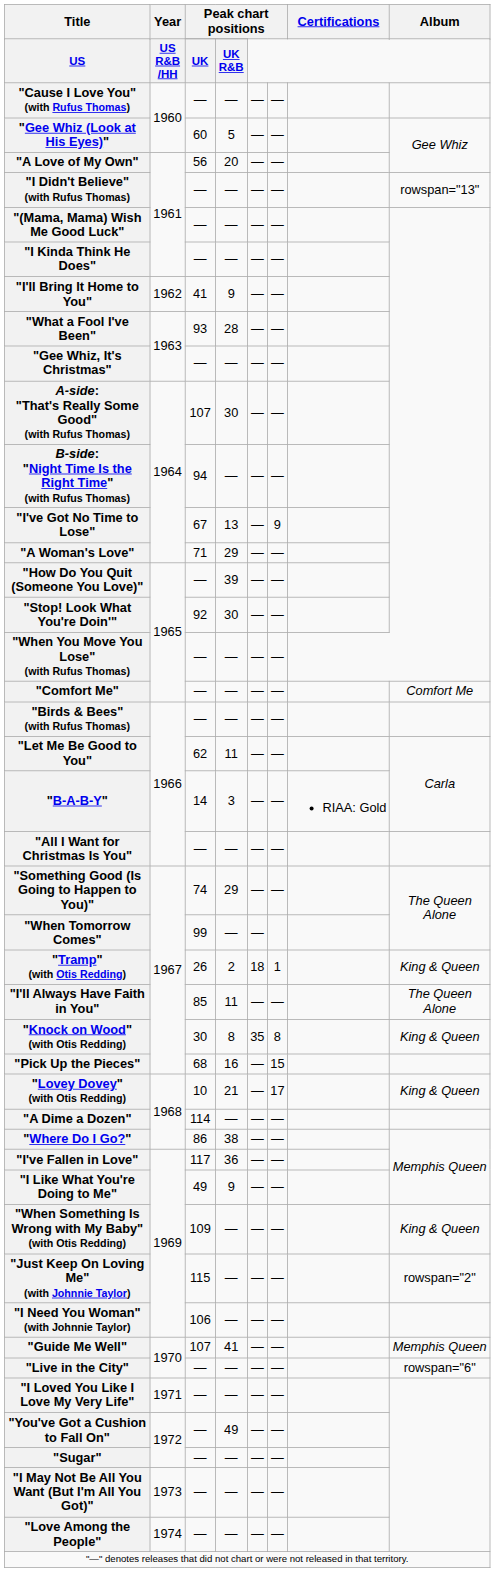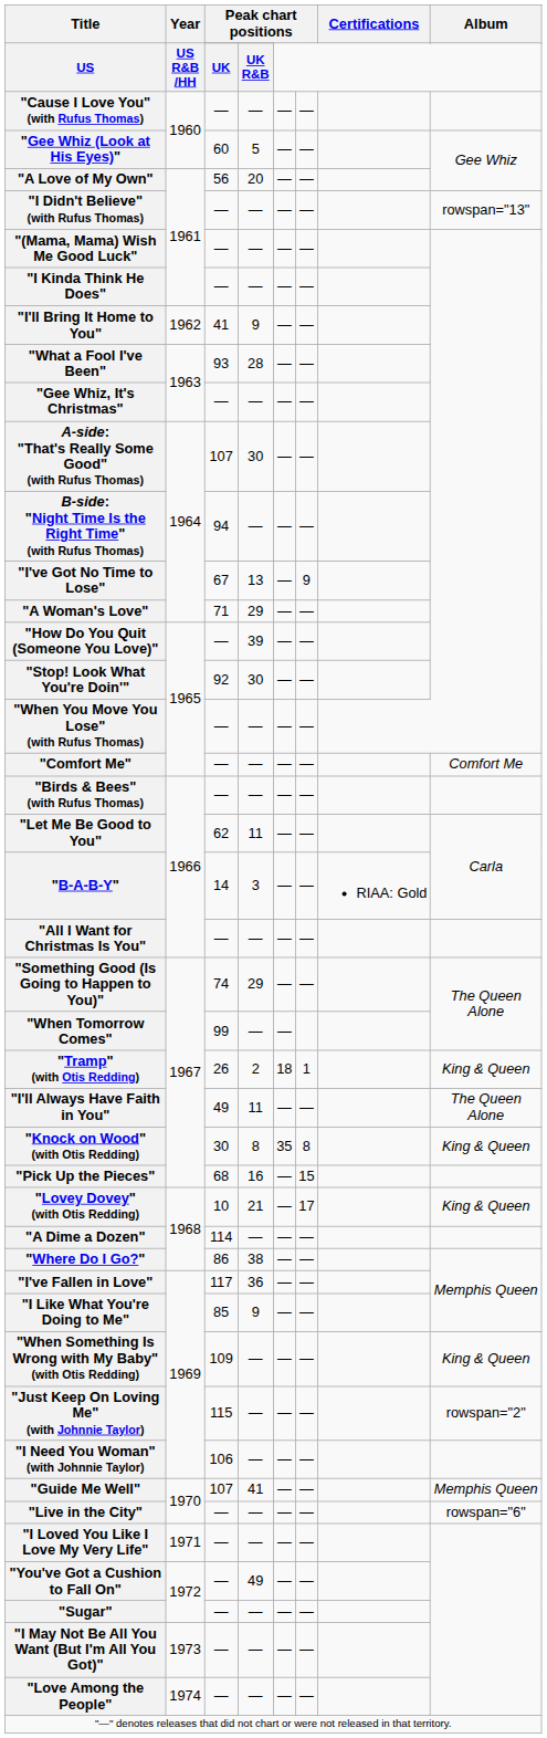 <table class="wikitable plainrowheaders" style="text-align:center;" border="1">
 <tr>
 <th scope="col" rowspan="2" style="width:18em;">Title</th>
 <th scope="col" rowspan="2">Year</th>
 <th scope="col" colspan="4">Peak chart positions</th>
 <th rowspan="2" scope="col" style="width:9em;"><a href='#'>Certifications</a></th>
 <th scope="col" rowspan="2" style="width:9em;">Album</th>
 </tr>
 <tr>
 </tr>
 <tr>
 <th scope="col" style="width:2.6em; font-size:90%;"><a href='#'>US</a><br></th>
 <th scope="col" style="width:2.6em; font-size:90%;"><a href='#'>US<br>R&B<br>/HH</a><br></th>
 <th scope="col" style="width:2.5em; font-size:90%;"><a href='#'>UK</a><br></th>
 <th scope="col" style="width:2.5em; font-size:90%;"><a href='#'>UK R&B</a><br></th>
 </tr>
 <tr>
 <th scope="row">"Cause I Love You"<br><small>(with <a href='#'>Rufus Thomas</a>)</small></th>
 <td rowspan="2">1960</td>
 <td>—</td>
 <td>—</td>
 <td>—</td>
 <td>—</td>
 <td></td>
 <td></td>
 </tr>
 <tr>
 <th scope="row">"<a href='#'>Gee Whiz (Look at His Eyes)</a>"</th>
 <td>60</td>
 <td>5</td>
 <td>—</td>
 <td>—</td>
 <td></td>
 <td rowspan="2"><em>Gee Whiz</em></td>
 </tr>
 <tr>
 <th scope="row">"A Love of My Own"</th>
 <td rowspan="4">1961</td>
 <td>56</td>
 <td>20</td>
 <td>—</td>
 <td>—</td>
 <td></td>
 </tr>
 <tr>
 <th scope="row">"I Didn't Believe"<br><small>(with Rufus Thomas)</small></th>
 <td>—</td>
 <td>—</td>
 <td>—</td>
 <td>—</td>
 <td></td>
 <td>rowspan="13" </td>
 </tr>
 <tr>
 <th scope="row">"(Mama, Mama) Wish Me Good Luck"</th>
 <td>—</td>
 <td>—</td>
 <td>—</td>
 <td>—</td>
 <td></td>
 </tr>
 <tr>
 <th scope="row">"I Kinda Think He Does"</th>
 <td>—</td>
 <td>—</td>
 <td>—</td>
 <td>—</td>
 <td></td>
 </tr>
 <tr>
 <th scope="row">"I'll Bring It Home to You"</th>
 <td>1962</td>
 <td>41</td>
 <td>9</td>
 <td>—</td>
 <td>—</td>
 <td></td>
 </tr>
 <tr>
 <th scope="row">"What a Fool I've Been"</th>
 <td rowspan="2">1963</td>
 <td>93</td>
 <td>28</td>
 <td>—</td>
 <td>—</td>
 <td></td>
 </tr>
 <tr>
 <th scope="row">"Gee Whiz, It's Christmas"</th>
 <td>—</td>
 <td>—</td>
 <td>—</td>
 <td>—</td>
 <td></td>
 </tr>
 <tr>
 <th scope="row"><em>A-side</em>:<br> "That's Really Some Good"<br><small>(with Rufus Thomas)</small></th>
 <td rowspan="4">1964</td>
 <td>107</td>
 <td>30<br></td>
 <td>—</td>
 <td>—</td>
 <td></td>
 </tr>
 <tr>
 <th scope="row"><em>B-side</em>:<br>"<a href='#'>Night Time Is the Right Time</a>"<br><small>(with Rufus Thomas)</small></th>
 <td>94</td>
 <td>—<br></td>
 <td>—</td>
 <td>—</td>
 <td></td>
 </tr>
 <tr>
 <th scope="row">"I've Got No Time to Lose"</th>
 <td>67</td>
 <td>13<br></td>
 <td>—</td>
 <td>9</td>
 <td></td>
 </tr>
 <tr>
 <th scope="row">"A Woman's Love"</th>
 <td>71</td>
 <td>29<br></td>
 <td>—</td>
 <td>—</td>
 <td></td>
 </tr>
 <tr>
 <th scope="row">"How Do You Quit (Someone You Love)"</th>
 <td rowspan="4">1965</td>
 <td>—</td>
 <td>39</td>
 <td>—</td>
 <td>—</td>
 <td></td>
 </tr>
 <tr>
 <th scope="row">"Stop! Look What You're Doin'"</th>
 <td>92</td>
 <td>30</td>
 <td>—</td>
 <td>—</td>
 <td></td>
 </tr>
 <tr>
 <th scope="row">"When You Move You Lose"<br><small>(with Rufus Thomas)</small></th>
 <td>—</td>
 <td>—</td>
 <td>—</td>
 <td>—</td>
 </tr>
 <tr>
 <th scope="row">"Comfort Me"</th>
 <td>—</td>
 <td>—</td>
 <td>—</td>
 <td>—</td>
 <td></td>
 <td rowspan="1"><em>Comfort Me</em></td>
 </tr>
 <tr>
 <th scope="row">"Birds & Bees"<br><small>(with Rufus Thomas)</small></th>
 <td rowspan="4">1966</td>
 <td>—</td>
 <td>—</td>
 <td>—</td>
 <td>—</td>
 <td></td>
 <td></td>
 </tr>
 <tr>
 <th scope="row">"Let Me Be Good to You"</th>
 <td>62</td>
 <td>11</td>
 <td>—</td>
 <td>—</td>
 <td></td>
 <td rowspan="2"><em>Carla</em></td>
 </tr>
 <tr>
 <th scope="row">"<a href='#'>B-A-B-Y</a>"</th>
 <td>14</td>
 <td>3</td>
 <td>—</td>
 <td>—</td>
 <td><br><ul><li>RIAA: Gold</li></ul></td>
 </tr>
 <tr>
 <th scope="row">"All I Want for Christmas Is You"</th>
 <td>—</td>
 <td>—</td>
 <td>—</td>
 <td>—</td>
 <td></td>
 <td></td>
 </tr>
 <tr>
 <th scope="row">"Something Good (Is Going to Happen to You)"</th>
 <td rowspan="6">1967</td>
 <td>74</td>
 <td>29</td>
 <td>—</td>
 <td>—</td>
 <td></td>
 <td rowspan="2"><em>The Queen Alone</em></td>
 </tr>
 <tr>
 <th scope="row">"When Tomorrow Comes"</th>
 <td>99</td>
 <td>—</td>
 <td>—</td>
 <td></td>
 </tr>
 <tr>
 <th scope="row">"<a href='#'>Tramp</a>"<br><small>(with <a href='#'>Otis Redding</a>)</small></th>
 <td>26</td>
 <td>2</td>
 <td>18</td>
 <td>1</td>
 <td></td>
 <td rowspan="1"><em>King & Queen</em></td>
 </tr>
 <tr>
 <th scope="row">"I'll Always Have Faith in You"</th>
-<td>85</td>
+<td>49</td>
 <td>11</td>
 <td>—</td>
 <td>—</td>
 <td></td>
 <td rowspan="1"><em>The Queen Alone</em></td>
 </tr>
 <tr>
 <th scope="row">"<a href='#'>Knock on Wood</a>"<br><small>(with Otis Redding)</small></th>
 <td>30</td>
 <td>8</td>
 <td>35</td>
 <td>8</td>
 <td></td>
 <td rowspan="1"><em>King & Queen</em></td>
 </tr>
 <tr>
 <th scope="row">"Pick Up the Pieces"</th>
 <td>68</td>
 <td>16</td>
 <td>—</td>
 <td>15</td>
 <td></td>
 <td></td>
 </tr>
 <tr>
 <th scope="row">"<a href='#'>Lovey Dovey</a>"<br><small>(with Otis Redding)</small></th>
 <td rowspan="3">1968</td>
 <td>10</td>
 <td>21</td>
 <td>—</td>
 <td>17</td>
 <td></td>
 <td rowspan="1"><em>King & Queen</em></td>
 </tr>
 <tr>
 <th scope="row">"A Dime a Dozen"</th>
 <td>114</td>
 <td>—</td>
 <td>—</td>
 <td>—</td>
 <td></td>
 <td></td>
 </tr>
 <tr>
 <th scope="row">"<a href='#'>Where Do I Go?</a>"</th>
 <td>86</td>
 <td>38</td>
 <td>—</td>
 <td>—</td>
 <td></td>
 <td rowspan="3"><em>Memphis Queen</em></td>
 </tr>
 <tr>
 <th scope="row">"I've Fallen in Love"</th>
 <td rowspan="5">1969</td>
 <td>117</td>
 <td>36</td>
 <td>—</td>
 <td>—</td>
 <td></td>
 </tr>
 <tr>
 <th scope="row">"I Like What You're Doing to Me"</th>
-<td>49</td>
+<td>85</td>
 <td>9</td>
 <td>—</td>
 <td>—</td>
 <td></td>
 </tr>
 <tr>
 <th scope="row">"When Something Is Wrong with My Baby"<br><small>(with Otis Redding)</small></th>
 <td>109</td>
 <td>—</td>
 <td>—</td>
 <td>—</td>
 <td></td>
 <td rowspan="1"><em>King & Queen</em></td>
 </tr>
 <tr>
 <th scope="row">"Just Keep On Loving Me"<br><small>(with <a href='#'>Johnnie Taylor</a>)</small></th>
 <td>115</td>
 <td>—</td>
 <td>—</td>
 <td>—</td>
 <td></td>
 <td>rowspan="2" </td>
 </tr>
 <tr>
 <th scope="row">"I Need You Woman"<br><small>(with Johnnie Taylor)</small></th>
 <td>106</td>
 <td>—</td>
 <td>—</td>
 <td>—</td>
 <td></td>
 </tr>
 <tr>
 <th scope="row">"Guide Me Well"</th>
 <td rowspan="2">1970</td>
 <td>107</td>
 <td>41</td>
 <td>—</td>
 <td>—</td>
 <td></td>
 <td rowspan="1"><em>Memphis Queen</em></td>
 </tr>
 <tr>
 <th scope="row">"Live in the City"</th>
 <td>—</td>
 <td>—</td>
 <td>—</td>
 <td>—</td>
 <td></td>
 <td>rowspan="6" </td>
 </tr>
 <tr>
 <th scope="row">"I Loved You Like I Love My Very Life"</th>
 <td>1971</td>
 <td>—</td>
 <td>—</td>
 <td>—</td>
 <td>—</td>
 <td></td>
 </tr>
 <tr>
 <th scope="row">"You've Got a Cushion to Fall On"</th>
 <td rowspan="2">1972</td>
 <td>—</td>
 <td>49</td>
 <td>—</td>
 <td>—</td>
 <td></td>
 </tr>
 <tr>
 <th scope="row">"Sugar"</th>
 <td>—</td>
 <td>—</td>
 <td>—</td>
 <td>—</td>
 <td></td>
 </tr>
 <tr>
 <th scope="row">"I May Not Be All You Want (But I'm All You Got)"</th>
 <td>1973</td>
 <td>—</td>
 <td>—</td>
 <td>—</td>
 <td>—</td>
 <td></td>
 </tr>
 <tr>
 <th scope="row">"Love Among the People"</th>
 <td>1974</td>
 <td>—</td>
 <td>—</td>
 <td>—</td>
 <td>—</td>
 <td></td>
 </tr>
 <tr>
 <td colspan="8" style="text-align:center; font-size:9pt;">"—" denotes releases that did not chart or were not released in that territory.</td>
 </tr>
 </table>
